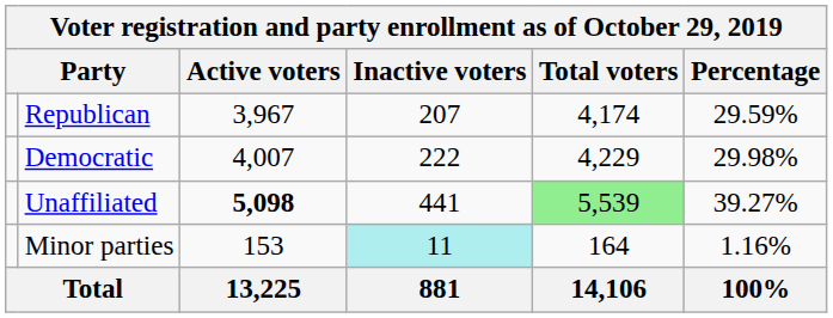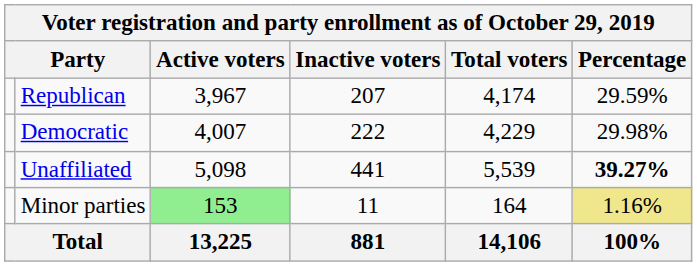 <table class=wikitable>
 <tr>
 <th colspan = 6>Voter registration and party enrollment as of October 29, 2019</th>
 </tr>
 <tr>
 <th colspan = 2>Party</th>
 <th>Active voters</th>
 <th>Inactive voters</th>
 <th>Total voters</th>
 <th>Percentage</th>
 </tr>
 <tr>
 <td></td>
 <td><a href='#'>Republican</a></td>
 <td align = center>3,967</td>
 <td align = center>207</td>
 <td align = center>4,174</td>
 <td align = center>29.59%</td>
 </tr>
 <tr>
 <td></td>
 <td><a href='#'>Democratic</a></td>
 <td align = center>4,007</td>
 <td align = center>222</td>
 <td align = center>4,229</td>
 <td align = center>29.98%</td>
 </tr>
 <tr>
 <td></td>
 <td><a href='#'>Unaffiliated</a></td>
-<td align = center><strong>5,098</strong></td>
+<td align = center>5,098</td>
 <td align = center>441</td>
-<td align = center style="background: lightgreen;">5,539</td>
-<td align = center>39.27%</td>
+<td align = center>5,539</td>
+<td align = center><strong>39.27%</strong></td>
 </tr>
 <tr>
 <td></td>
 <td>Minor parties</td>
-<td align = center>153</td>
-<td align = center style="background: paleturquoise;">11</td>
+<td align = center style="background: lightgreen;">153</td>
+<td align = center>11</td>
 <td align = center>164</td>
-<td align = center>1.16%</td>
+<td align = center style="background: khaki;">1.16%</td>
 </tr>
 <tr>
 <th colspan = 2>Total</th>
 <th align = center>13,225</th>
 <th align = center>881</th>
 <th align = center>14,106</th>
 <th align = center>100%</th>
 </tr>
 </table>
